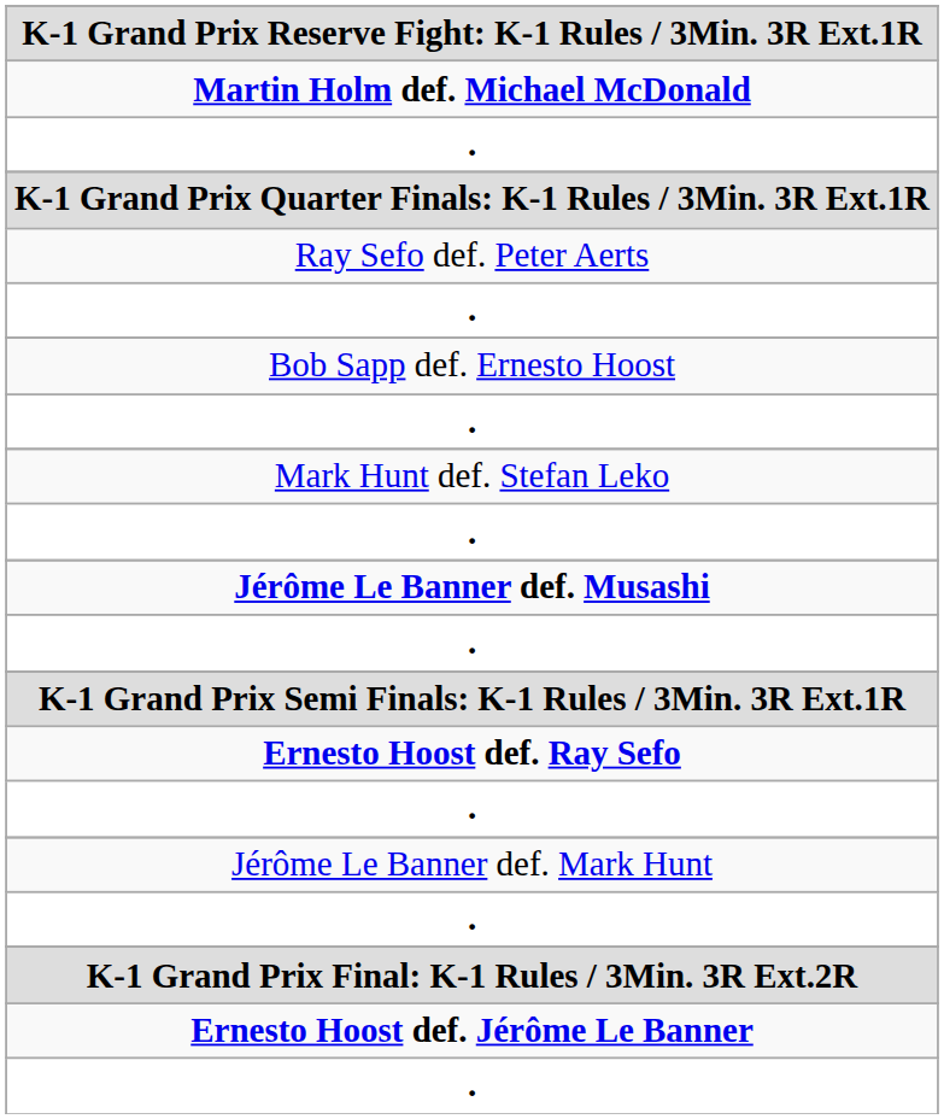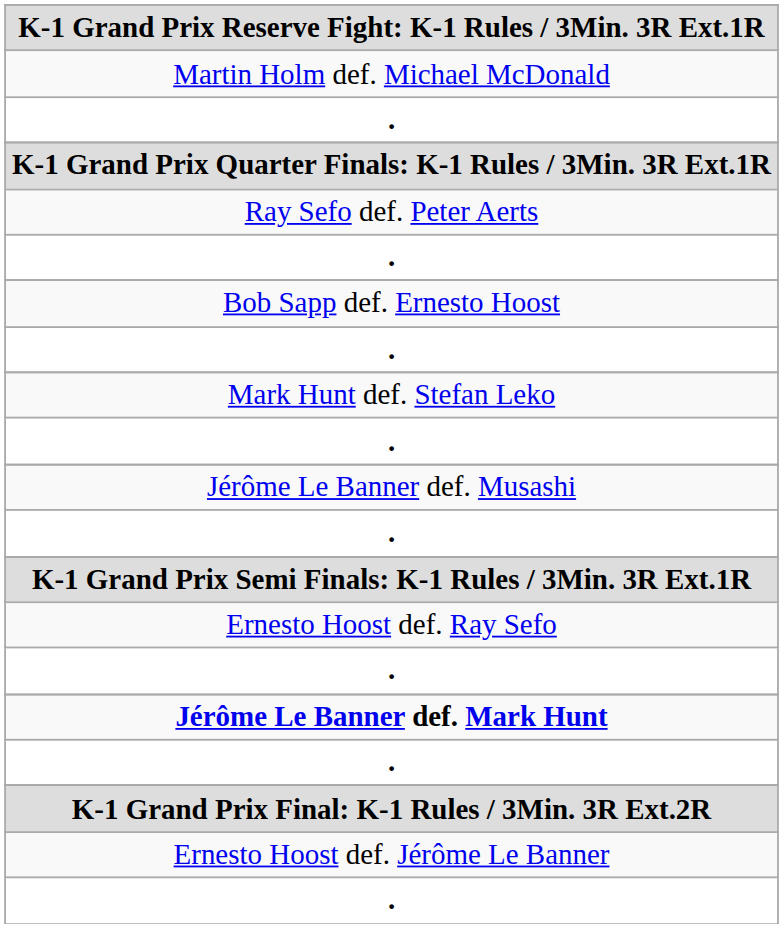 <table class="wikitable" style="clear:both; margin:1.5em auto; text-align:center;">
 <tr>
 </tr>
 <tr align="center"  bgcolor="#dddddd">
 <td><strong>K-1 Grand Prix Reserve Fight: K-1 Rules / 3Min. 3R Ext.1R</strong></td>
 </tr>
 <tr align="center"  bgcolor=>
-<td align=center><strong> <a href='#'>Martin Holm</a> def. <a href='#'>Michael McDonald</a> </strong></td>
+<td align=center> <a href='#'>Martin Holm</a> def. <a href='#'>Michael McDonald</a> </td>
 </tr>
 <tr>
 <th style=background:white colspan=2>.</th>
 </tr>
 <tr>
 </tr>
 <tr align="center"  bgcolor="#dddddd">
 <td><strong>K-1 Grand Prix Quarter Finals: K-1 Rules / 3Min. 3R Ext.1R</strong></td>
 </tr>
 <tr align="center"  bgcolor=>
 <td align=center> <a href='#'>Ray Sefo</a> def. <a href='#'>Peter Aerts</a> </td>
 </tr>
 <tr>
 <th style=background:white colspan=2>.</th>
 </tr>
 <tr>
 </tr>
 <tr align="center"  bgcolor=>
 <td align=center> <a href='#'>Bob Sapp</a> def. <a href='#'>Ernesto Hoost</a> </td>
 </tr>
 <tr>
 <th style=background:white colspan=2>.</th>
 </tr>
 <tr>
 </tr>
 <tr align="center"  bgcolor=>
 <td align=center> <a href='#'>Mark Hunt</a> def. <a href='#'>Stefan Leko</a> </td>
 </tr>
 <tr>
 <th style=background:white colspan=2>.</th>
 </tr>
 <tr>
 </tr>
 <tr align="center"  bgcolor=>
-<td align=center><strong> <a href='#'>Jérôme Le Banner</a> def. <a href='#'>Musashi</a> </strong></td>
+<td align=center> <a href='#'>Jérôme Le Banner</a> def. <a href='#'>Musashi</a> </td>
 </tr>
 <tr>
 <th style=background:white colspan=2>.</th>
 </tr>
 <tr>
 </tr>
 <tr align="center"  bgcolor="#dddddd">
 <td><strong>K-1 Grand Prix Semi Finals: K-1 Rules / 3Min. 3R Ext.1R</strong></td>
 </tr>
 <tr align="center"  bgcolor=>
-<td align=center><strong> <a href='#'>Ernesto Hoost</a> def. <a href='#'>Ray Sefo</a> </strong></td>
+<td align=center> <a href='#'>Ernesto Hoost</a> def. <a href='#'>Ray Sefo</a> </td>
 </tr>
 <tr>
 <th style=background:white colspan=2>.</th>
 </tr>
 <tr>
 </tr>
 <tr align="center"  bgcolor=>
-<td align=center> <a href='#'>Jérôme Le Banner</a> def. <a href='#'>Mark Hunt</a> </td>
+<td align=center><strong> <a href='#'>Jérôme Le Banner</a> def. <a href='#'>Mark Hunt</a> </strong></td>
 </tr>
 <tr>
 <th style=background:white colspan=2>.</th>
 </tr>
 <tr>
 </tr>
 <tr align="center"  bgcolor="#dddddd">
 <td><strong>K-1 Grand Prix Final: K-1 Rules / 3Min. 3R Ext.2R</strong></td>
 </tr>
 <tr align="center"  bgcolor=>
-<td align=center><strong> <a href='#'>Ernesto Hoost</a> def. <a href='#'>Jérôme Le Banner</a> </strong></td>
+<td align=center> <a href='#'>Ernesto Hoost</a> def. <a href='#'>Jérôme Le Banner</a> </td>
 </tr>
 <tr>
 <th style=background:white colspan=2>.</th>
 </tr>
 <tr>
 </tr>
 </table>
